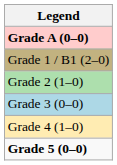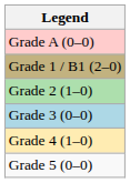 <table class="wikitable" style="font-size:85%;">
 <tr>
 <th>Legend</th>
 </tr>
 <tr bgcolor="ffcccc">
-<td><strong>Grade A (0–0)</strong></td>
+<td>Grade A (0–0)</td>
 </tr>
 <tr bgcolor="C2B280">
 <td>Grade 1 / B1 (2–0)</td>
 </tr>
 <tr bgcolor="ADDFAD">
 <td>Grade 2 (1–0)</td>
 </tr>
 <tr bgcolor="lightblue">
 <td>Grade 3 (0–0)</td>
 </tr>
 <tr bgcolor="ffecb2">
 <td>Grade 4 (1–0)</td>
 </tr>
 <tr>
-<td><strong>Grade 5 (0–0)</strong></td>
+<td>Grade 5 (0–0)</td>
 </tr>
 </table>
